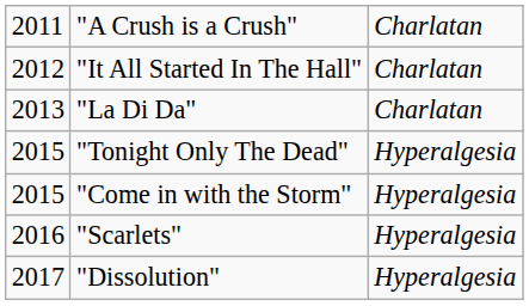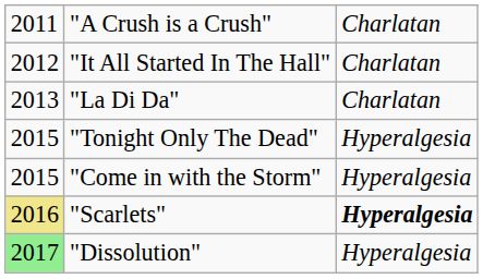 <table class="wikitable">
 <tr>
 <td rowspan=1>2011</td>
 <td>"A Crush is a Crush"</td>
 <td rowspan=1><em>Charlatan</em></td>
 </tr>
 <tr>
 <td rowspan=1>2012</td>
 <td>"It All Started In The Hall"</td>
 <td rowspan=1><em>Charlatan</em></td>
 </tr>
 <tr>
 <td rowspan=1>2013</td>
 <td>"La Di Da"</td>
 <td rowspan=1><em>Charlatan</em></td>
 </tr>
 <tr>
 <td rowspan=1>2015</td>
 <td>"Tonight Only The Dead"</td>
 <td rowspan=1><em>Hyperalgesia</em></td>
 </tr>
 <tr>
 <td rowspan=1>2015</td>
 <td>"Come in with the Storm"</td>
 <td rowspan=1><em>Hyperalgesia</em></td>
 </tr>
 <tr>
-<td rowspan=1>2016</td>
+<td rowspan=1 style="background: khaki;">2016</td>
 <td>"Scarlets"</td>
-<td rowspan=1><em>Hyperalgesia</em></td>
+<td rowspan=1><strong><em>Hyperalgesia</em></strong></td>
 </tr>
 <tr>
-<td rowspan=1>2017</td>
+<td rowspan=1 style="background: lightgreen;">2017</td>
 <td>"Dissolution"</td>
 <td rowspan=1><em>Hyperalgesia</em></td>
 </tr>
 </table>
